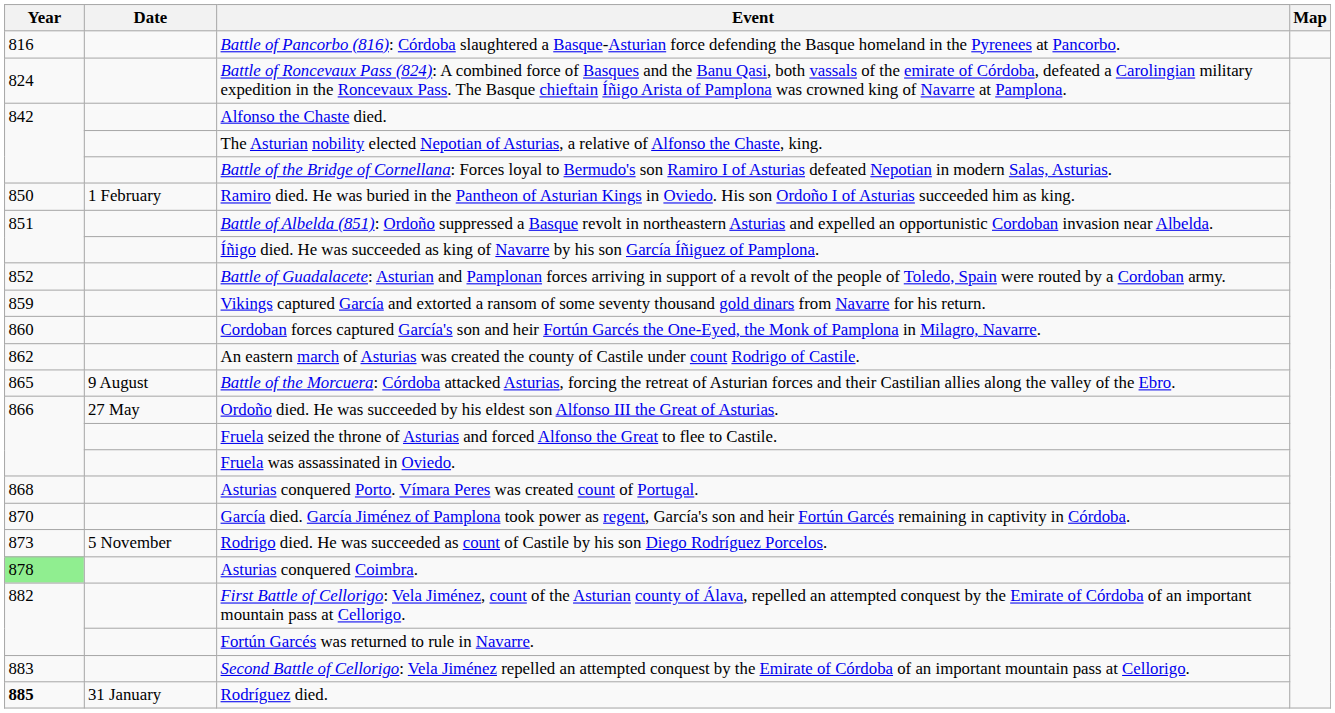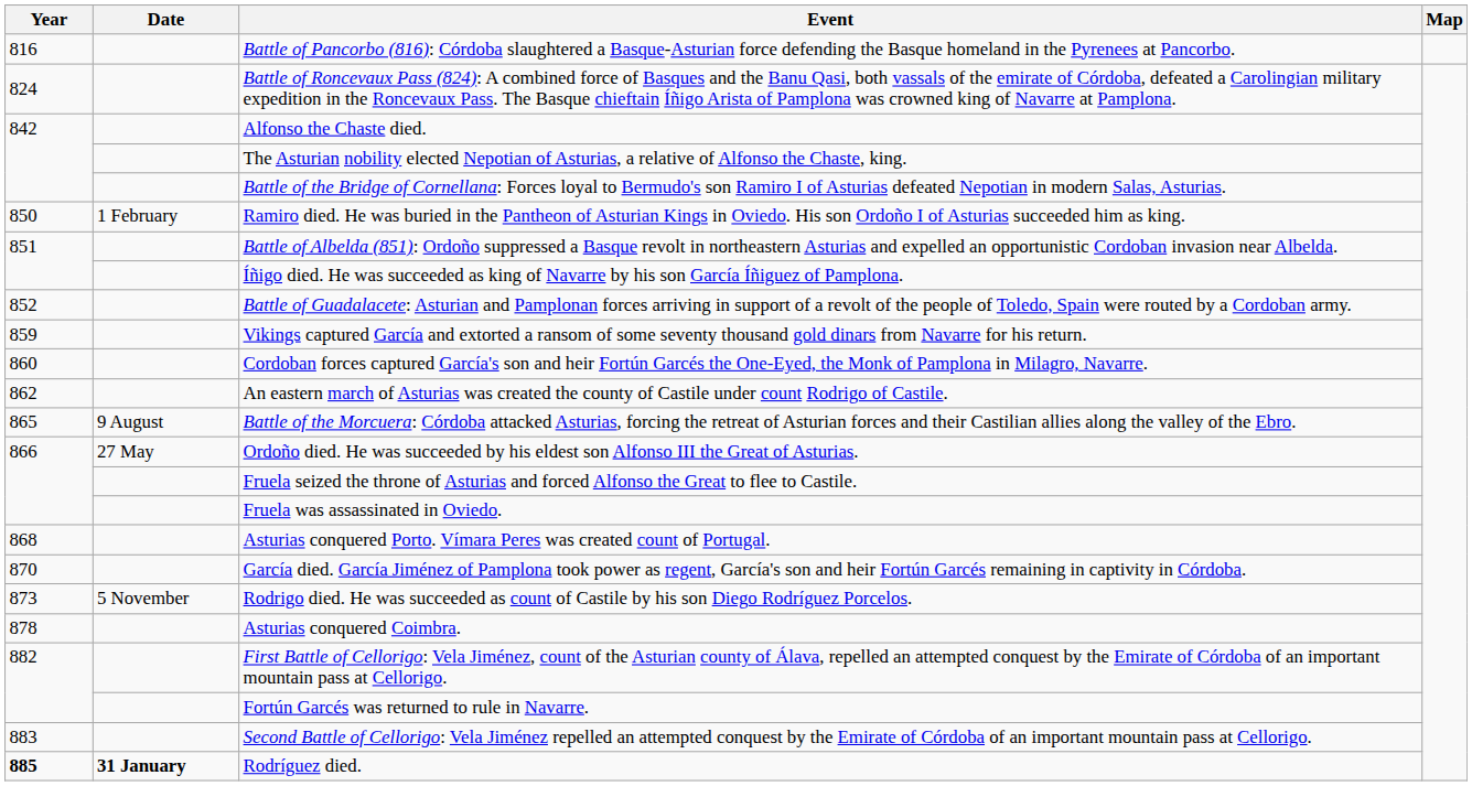 <table class="wikitable" style="width:100%">
 <tr>
 <th style="width:6%">Year</th>
 <th style="width:10%">Date</th>
 <th>Event</th>
 <th>Map</th>
 </tr>
 <tr>
 <td>816</td>
 <td></td>
 <td><em><a href='#'>Battle of Pancorbo (816)</a></em>: <a href='#'>Córdoba</a> slaughtered a <a href='#'>Basque</a>-<a href='#'>Asturian</a> force defending the Basque homeland in the <a href='#'>Pyrenees</a> at <a href='#'>Pancorbo</a>.</td>
 <td></td>
 </tr>
 <tr>
 <td>824</td>
 <td></td>
 <td><em><a href='#'>Battle of Roncevaux Pass (824)</a></em>: A combined force of <a href='#'>Basques</a> and the <a href='#'>Banu Qasi</a>, both <a href='#'>vassals</a> of the <a href='#'>emirate of Córdoba</a>, defeated a <a href='#'>Carolingian</a> military expedition in the <a href='#'>Roncevaux Pass</a>.  The Basque <a href='#'>chieftain</a> <a href='#'>Íñigo Arista of Pamplona</a> was crowned king of <a href='#'>Navarre</a> at <a href='#'>Pamplona</a>.</td>
 </tr>
 <tr>
 <td rowspan="3" valign="top">842</td>
 <td></td>
 <td><a href='#'>Alfonso the Chaste</a> died.</td>
 </tr>
 <tr>
 <td></td>
 <td>The <a href='#'>Asturian</a> <a href='#'>nobility</a> elected <a href='#'>Nepotian of Asturias</a>, a relative of <a href='#'>Alfonso the Chaste</a>, king.</td>
 </tr>
 <tr>
 <td></td>
 <td><em><a href='#'>Battle of the Bridge of Cornellana</a></em>: Forces loyal to <a href='#'>Bermudo's</a> son <a href='#'>Ramiro I of Asturias</a> defeated <a href='#'>Nepotian</a> in modern <a href='#'>Salas, Asturias</a>.</td>
 </tr>
 <tr>
 <td>850</td>
 <td>1 February</td>
 <td><a href='#'>Ramiro</a> died.  He was buried in the <a href='#'>Pantheon of Asturian Kings</a> in <a href='#'>Oviedo</a>.  His son <a href='#'>Ordoño I of Asturias</a> succeeded him as king.</td>
 </tr>
 <tr>
 <td rowspan="2" valign="top">851</td>
 <td></td>
 <td><em><a href='#'>Battle of Albelda (851)</a></em>: <a href='#'>Ordoño</a> suppressed a <a href='#'>Basque</a> revolt in northeastern <a href='#'>Asturias</a> and expelled an opportunistic <a href='#'>Cordoban</a> invasion near <a href='#'>Albelda</a>.</td>
 </tr>
 <tr>
 <td></td>
 <td><a href='#'>Íñigo</a> died.  He was succeeded as king of <a href='#'>Navarre</a> by his son <a href='#'>García Íñiguez of Pamplona</a>.</td>
 </tr>
 <tr>
 <td>852</td>
 <td></td>
 <td><em><a href='#'>Battle of Guadalacete</a></em>: <a href='#'>Asturian</a> and <a href='#'>Pamplonan</a> forces arriving in support of a revolt of the people of <a href='#'>Toledo, Spain</a> were routed by a <a href='#'>Cordoban</a> army.</td>
 </tr>
 <tr>
 <td>859</td>
 <td></td>
 <td><a href='#'>Vikings</a> captured <a href='#'>García</a> and extorted a ransom of some seventy thousand <a href='#'>gold dinars</a> from <a href='#'>Navarre</a> for his return.</td>
 </tr>
 <tr>
 <td>860</td>
 <td></td>
 <td><a href='#'>Cordoban</a> forces captured <a href='#'>García's</a> son and heir <a href='#'>Fortún Garcés the One-Eyed, the Monk of Pamplona</a> in <a href='#'>Milagro, Navarre</a>.</td>
 </tr>
 <tr>
 <td>862</td>
 <td></td>
 <td>An eastern <a href='#'>march</a> of <a href='#'>Asturias</a> was created the county of Castile under <a href='#'>count</a> <a href='#'>Rodrigo of Castile</a>.</td>
 </tr>
 <tr>
 <td>865</td>
 <td>9 August</td>
 <td><em><a href='#'>Battle of the Morcuera</a></em>: <a href='#'>Córdoba</a> attacked <a href='#'>Asturias</a>, forcing the retreat of Asturian forces and their Castilian allies along the valley of the <a href='#'>Ebro</a>.</td>
 </tr>
 <tr>
 <td rowspan="3" valign="top">866</td>
 <td>27 May</td>
 <td><a href='#'>Ordoño</a> died.  He was succeeded by his eldest son <a href='#'>Alfonso III the Great of Asturias</a>.</td>
 </tr>
 <tr>
 <td></td>
 <td><a href='#'>Fruela</a> seized the throne of <a href='#'>Asturias</a> and forced <a href='#'>Alfonso the Great</a> to flee to Castile.</td>
 </tr>
 <tr>
 <td></td>
 <td><a href='#'>Fruela</a> was assassinated in <a href='#'>Oviedo</a>.</td>
 </tr>
 <tr>
 <td>868</td>
 <td></td>
 <td><a href='#'>Asturias</a> conquered <a href='#'>Porto</a>. <a href='#'>Vímara Peres</a> was created <a href='#'>count</a> of <a href='#'>Portugal</a>.</td>
 </tr>
 <tr>
 <td>870</td>
 <td></td>
 <td><a href='#'>García</a> died. <a href='#'>García Jiménez of Pamplona</a> took power as <a href='#'>regent</a>, García's son and heir <a href='#'>Fortún Garcés</a> remaining in captivity in <a href='#'>Córdoba</a>.</td>
 </tr>
 <tr>
 <td>873</td>
 <td>5 November</td>
 <td><a href='#'>Rodrigo</a> died. He was succeeded as <a href='#'>count</a> of Castile by his son <a href='#'>Diego Rodríguez Porcelos</a>.</td>
 </tr>
 <tr>
-<td style="background: lightgreen;">878</td>
+<td>878</td>
 <td></td>
 <td><a href='#'>Asturias</a> conquered <a href='#'>Coimbra</a>.</td>
 </tr>
 <tr>
 <td rowspan="2" valign="top">882</td>
 <td></td>
 <td><em><a href='#'>First Battle of Cellorigo</a></em>: <a href='#'>Vela Jiménez</a>, <a href='#'>count</a> of the <a href='#'>Asturian</a> <a href='#'>county of Álava</a>, repelled an attempted conquest by the <a href='#'>Emirate of Córdoba</a> of an important mountain pass at <a href='#'>Cellorigo</a>.</td>
 </tr>
 <tr>
 <td></td>
 <td><a href='#'>Fortún Garcés</a> was returned to rule in <a href='#'>Navarre</a>.</td>
 </tr>
 <tr>
 <td>883</td>
 <td></td>
 <td><em><a href='#'>Second Battle of Cellorigo</a></em>: <a href='#'>Vela Jiménez</a> repelled an attempted conquest by the <a href='#'>Emirate of Córdoba</a> of an important mountain pass at <a href='#'>Cellorigo</a>.</td>
 </tr>
 <tr>
 <td><strong>885</strong></td>
-<td>31 January</td>
+<td><strong>31 January</strong></td>
 <td><a href='#'>Rodríguez</a> died.</td>
 </tr>
 </table>
